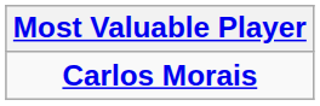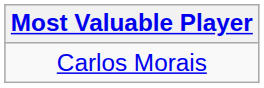 <table class=wikitable style="text-align:center; margin:auto">
 <tr>
 <th><a href='#'>Most Valuable Player</a></th>
 </tr>
 <tr>
-<td><strong> <a href='#'>Carlos Morais</a></strong></td>
+<td> <a href='#'>Carlos Morais</a></td>
 </tr>
 </table>
